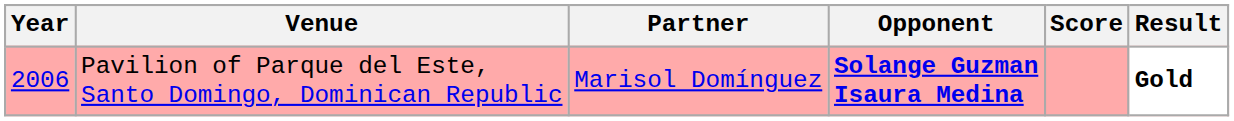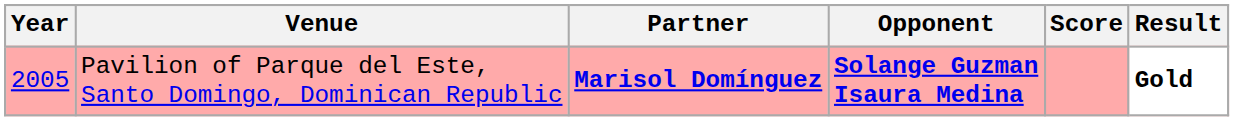 <table class="sortable wikitable" style="font-size: 90%;">
 <tr>
 <th>Year</th>
 <th>Venue</th>
 <th>Partner</th>
 <th>Opponent</th>
 <th>Score</th>
 <th>Result</th>
 </tr>
 <tr style="background:#FFAAAA">
-<td align="center"><a href='#'>2006</a></td>
+<td align="center"><a href='#'>2005</a></td>
 <td align="left">Pavilion of Parque del Este,<br><a href='#'>Santo Domingo, Dominican Republic</a></td>
-<td align="left"> <a href='#'>Marisol Domínguez</a></td>
+<td align="left"><strong> <a href='#'>Marisol Domínguez</a></strong></td>
 <td align="left"><strong> <a href='#'>Solange Guzman</a> <br>  <a href='#'>Isaura Medina</a></strong></td>
 <td align="left"></td>
 <td style="text-align:left; background:white"> <strong>Gold</strong></td>
 </tr>
 </table>
